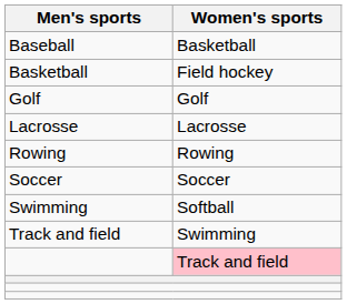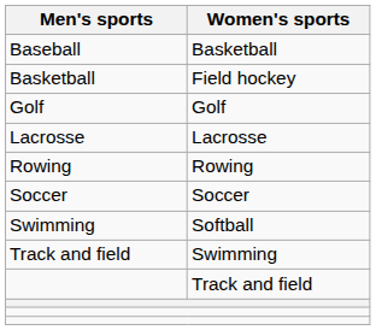 <table class="wikitable"; style= "text-align: ">
 <tr>
 <th width=150px>Men's sports</th>
 <th width=150px>Women's sports</th>
 </tr>
 <tr>
 <td>Baseball</td>
 <td>Basketball</td>
 </tr>
 <tr>
 <td>Basketball</td>
 <td>Field hockey</td>
 </tr>
 <tr>
 <td>Golf</td>
 <td>Golf</td>
 </tr>
 <tr>
 <td>Lacrosse</td>
 <td>Lacrosse</td>
 </tr>
 <tr>
 <td>Rowing</td>
 <td>Rowing</td>
 </tr>
 <tr>
 <td>Soccer</td>
 <td>Soccer</td>
 </tr>
 <tr>
 <td>Swimming</td>
 <td>Softball</td>
 </tr>
 <tr>
 <td>Track and field</td>
 <td>Swimming</td>
 </tr>
 <tr>
 <td></td>
-<td style="background: pink;">Track and field</td>
+<td>Track and field</td>
 </tr>
 <tr>
 <th colspan=2></th>
 </tr>
 <tr>
 <td colspan=2></td>
 </tr>
 <tr>
 <td colspan=2></td>
 </tr>
 </table>
